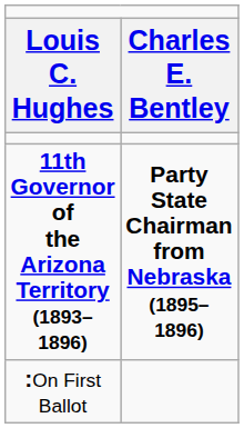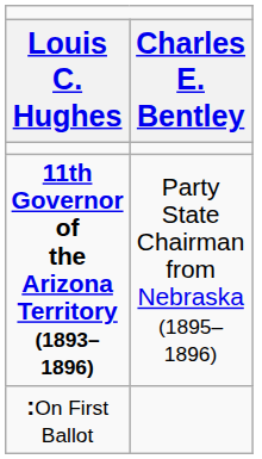 <table class="wikitable" style="font-size:90%">
 <tr>
 <td colspan="2" style="text-align:center; font-size:120%; color:white; background:"></td>
 </tr>
 <tr>
 <th scope="col" style="width:3em; font-size:120%;"><a href='#'>Louis C. Hughes</a></th>
 <th scope="col" style="width:3em; font-size:120%;"><a href='#'>Charles E. Bentley</a></th>
 </tr>
 <tr>
 <td></td>
 <td></td>
 </tr>
 <tr style="text-align:center">
 <td><strong><a href='#'>11th</a> <a href='#'>Governor</a> of<br> the <a href='#'>Arizona Territory</a><br><small>(1893–1896)</small></strong></td>
-<td><strong>Party State Chairman<br>from <a href='#'>Nebraska</a><br><small>(1895–1896)</small></strong></td>
+<td>Party State Chairman<br>from <a href='#'>Nebraska</a><br><small>(1895–1896)</small></td>
 </tr>
 <tr style="text-align:center">
 <td><strong>:</strong><small>On First Ballot</small></td>
 <td><strong></strong></td>
 </tr>
 </table>
